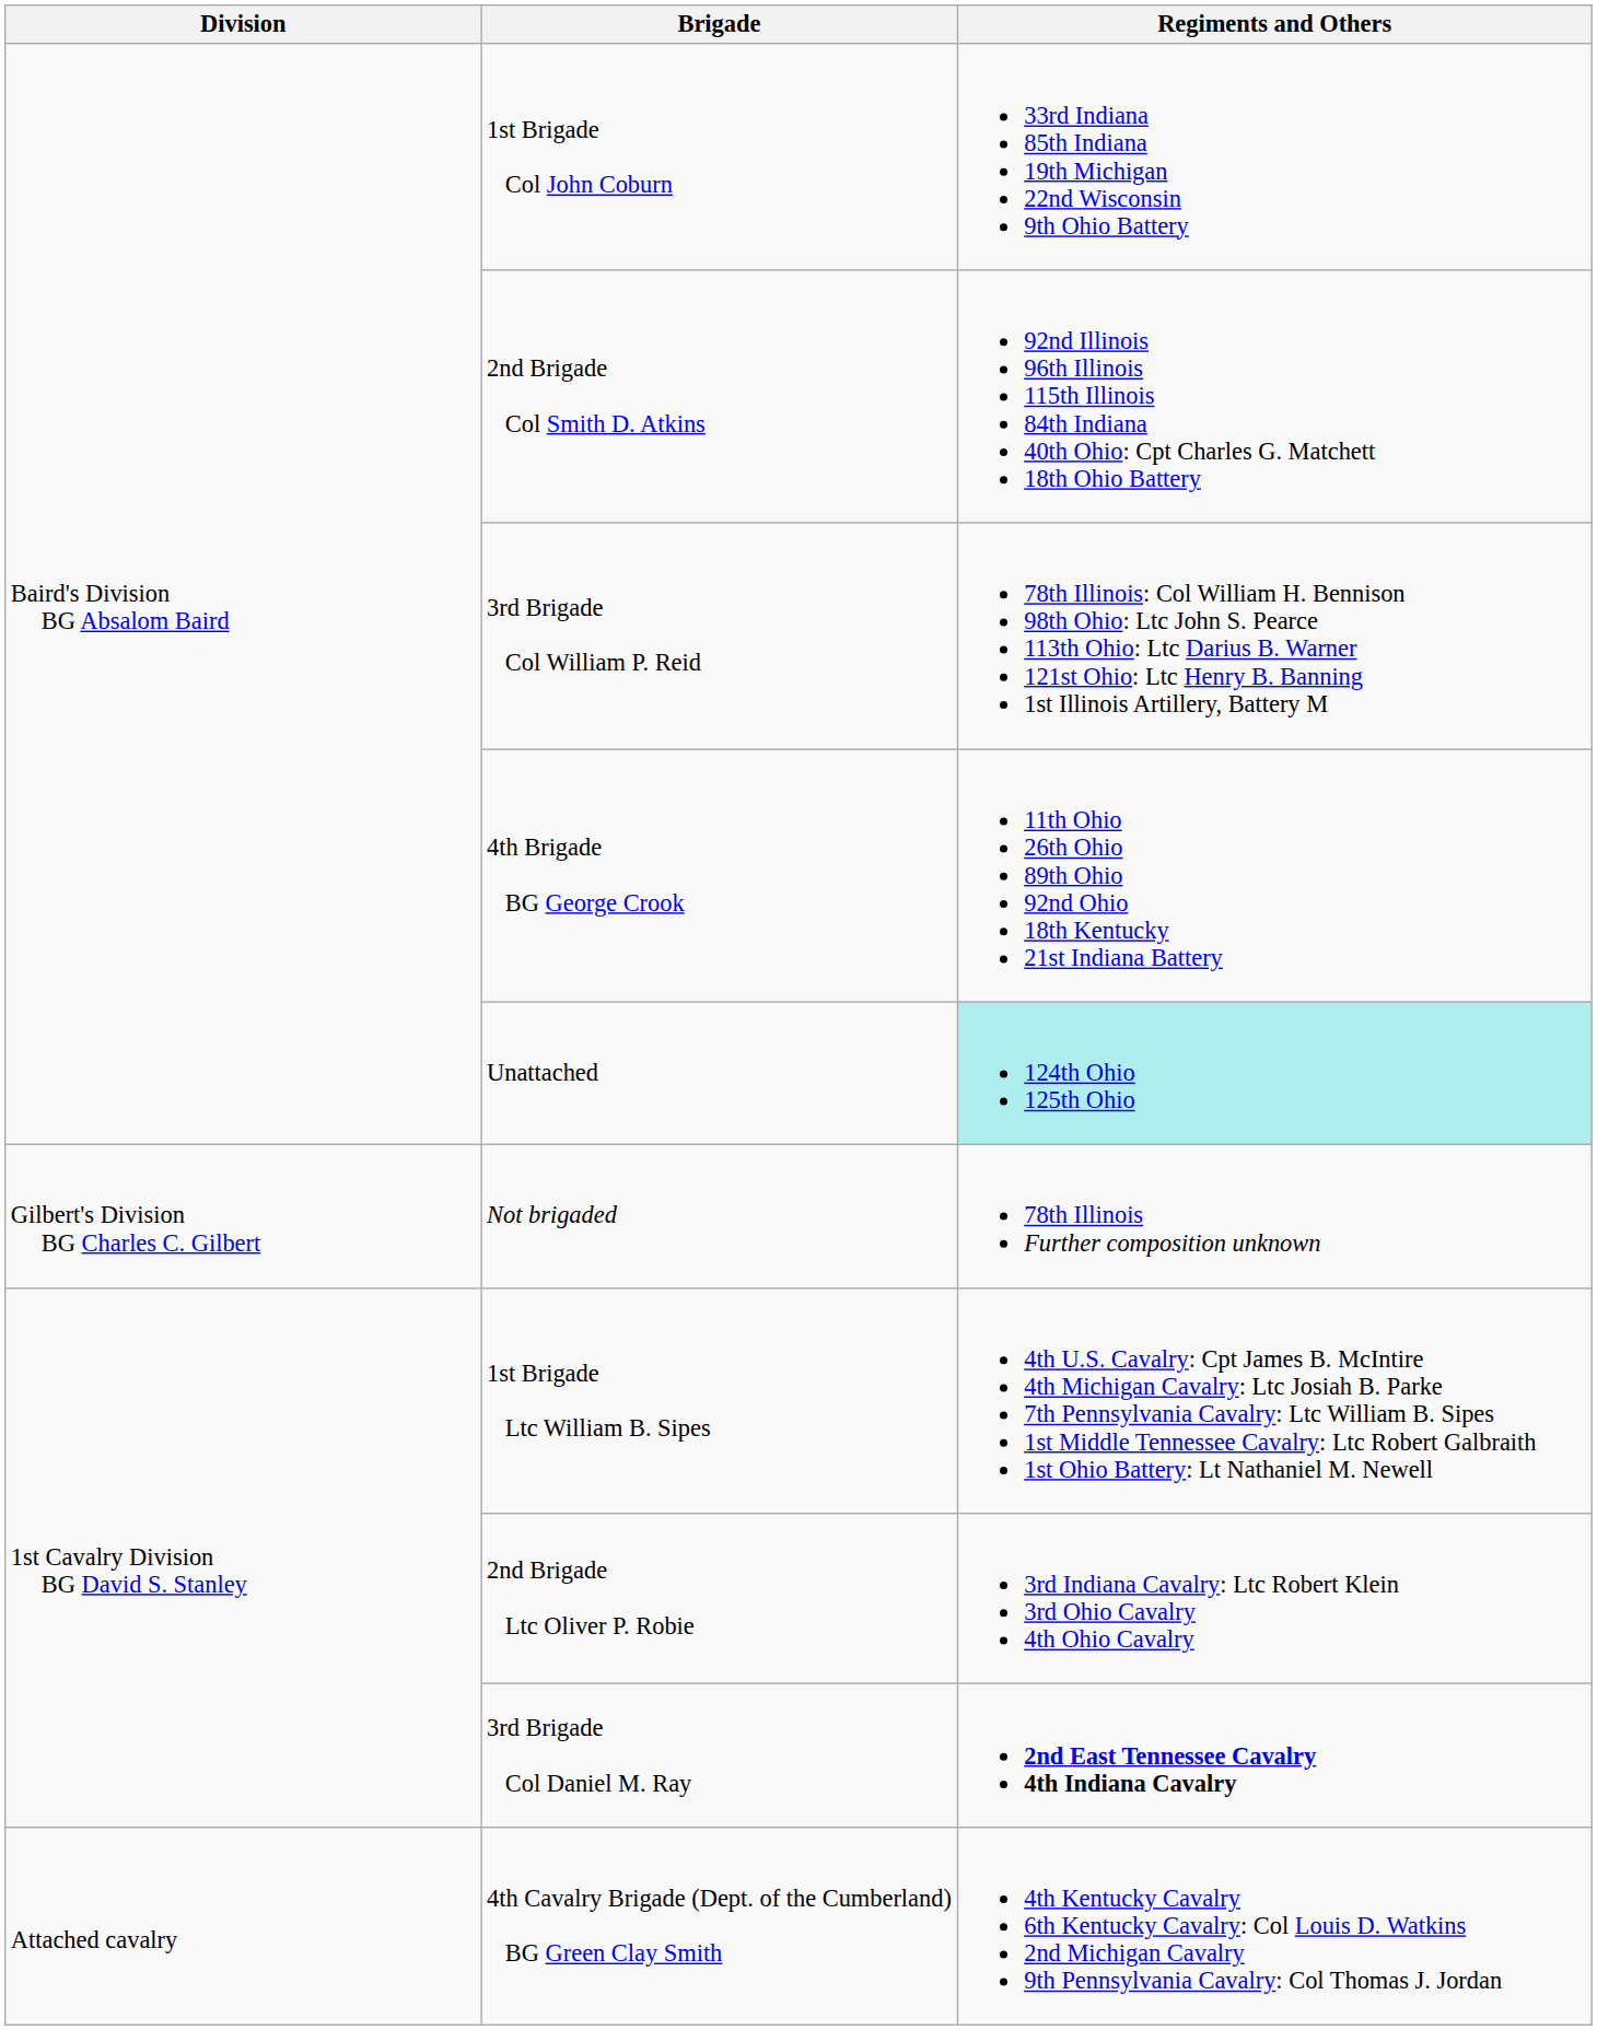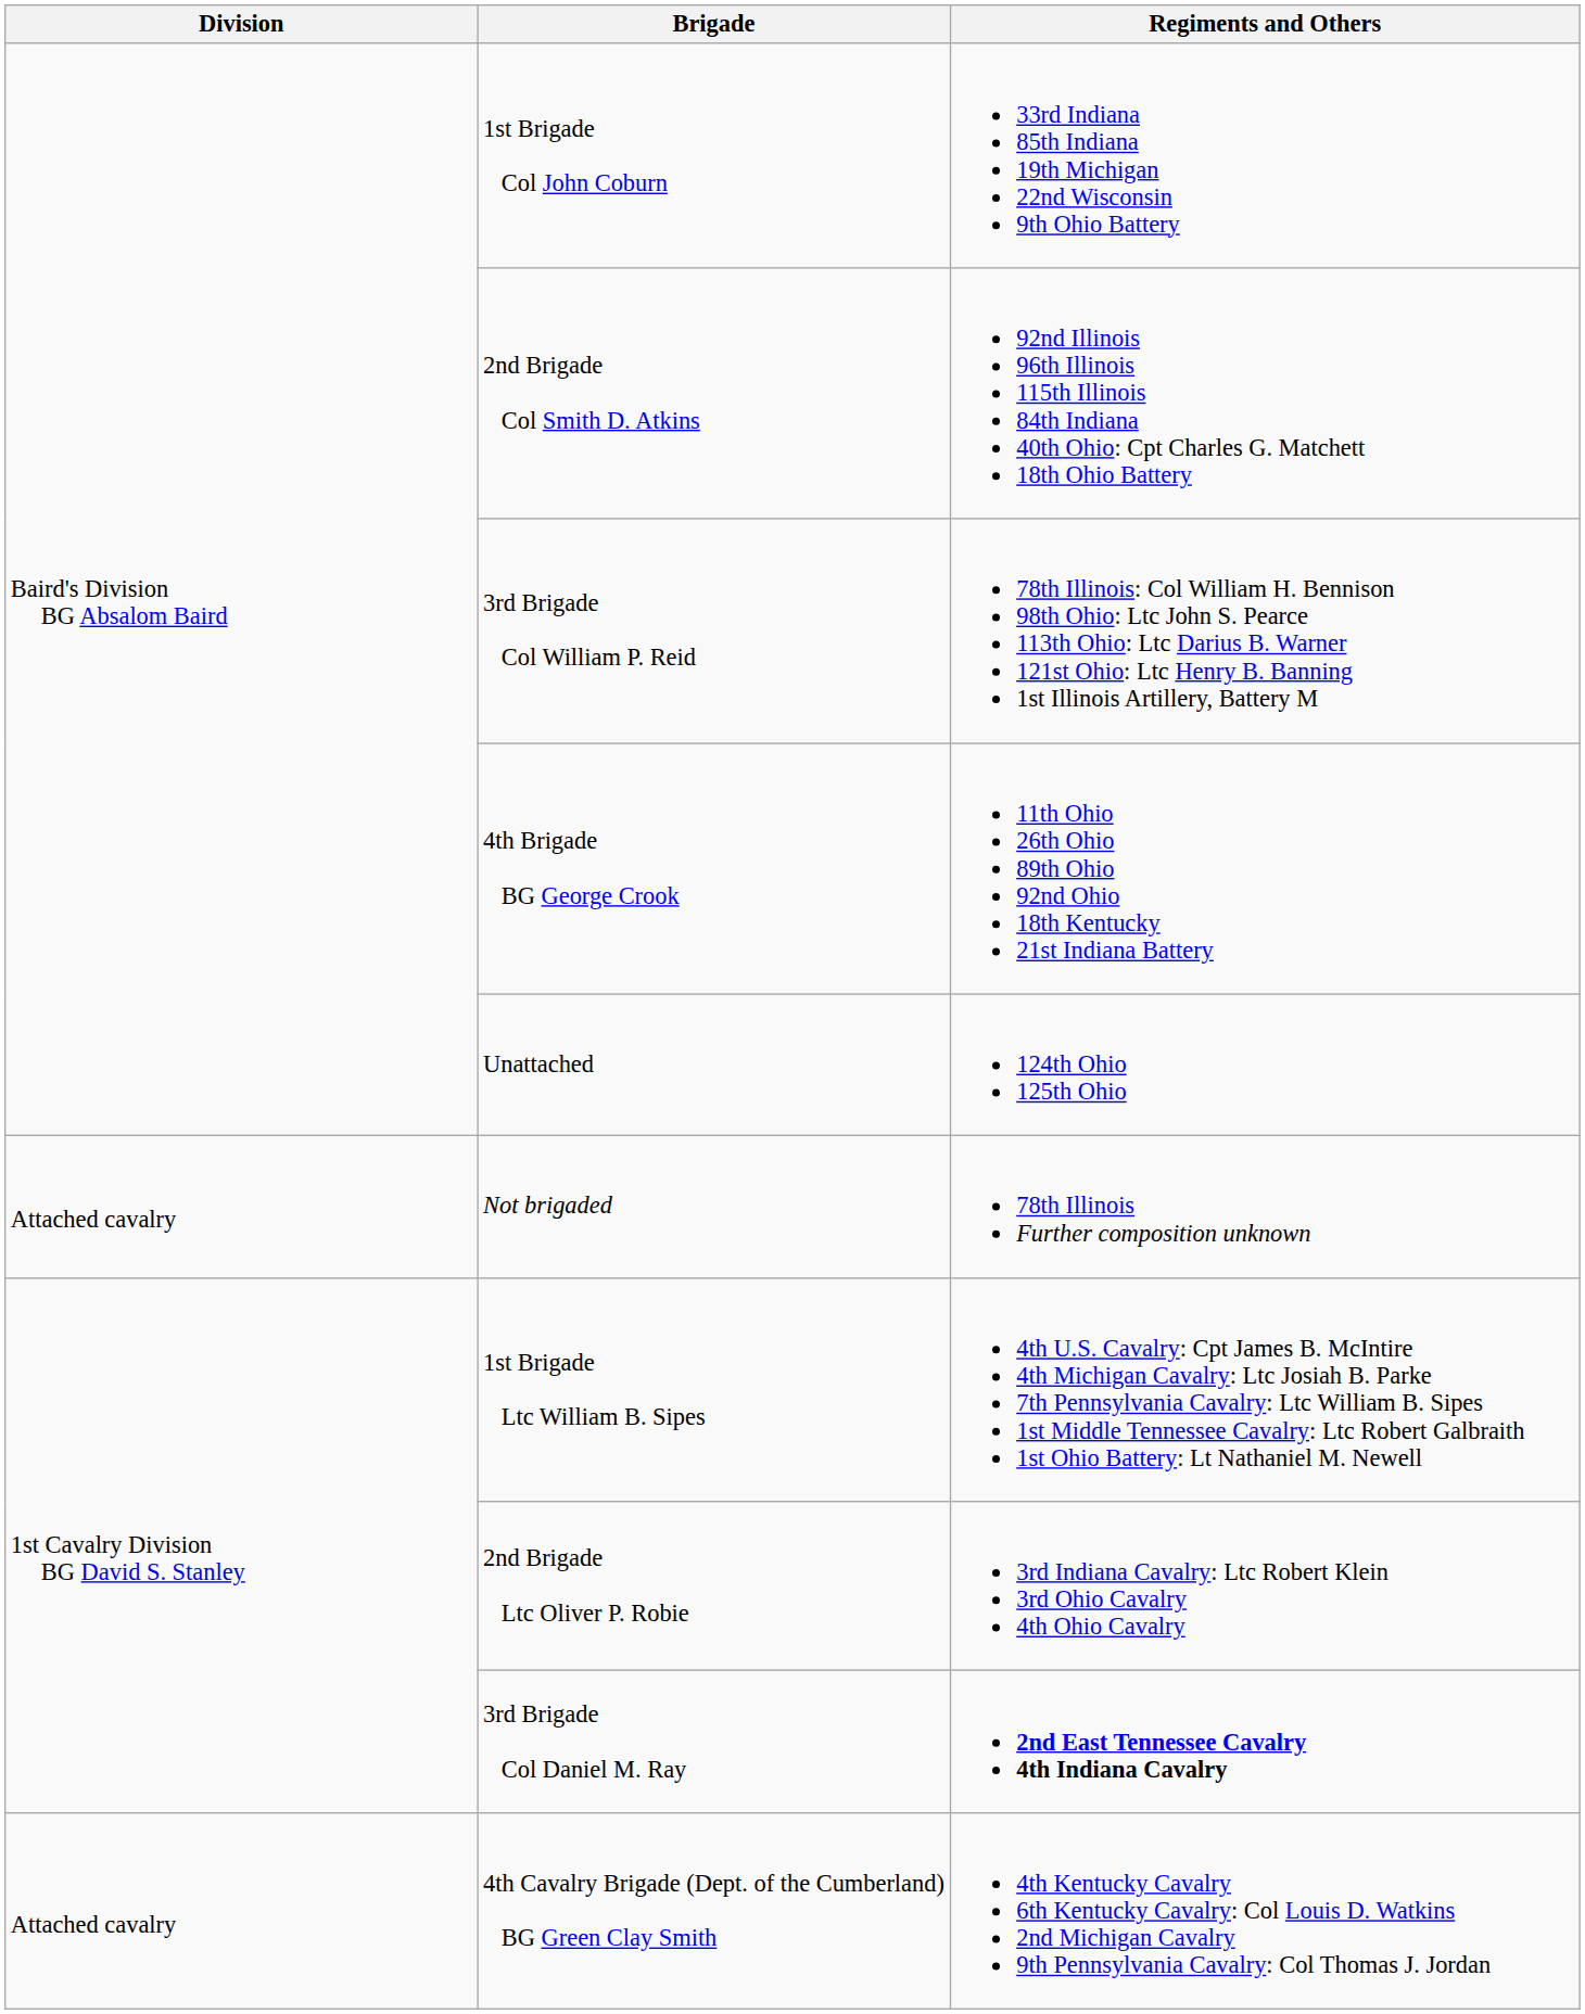 <table class="wikitable">
 <tr>
 <th width=30%>Division</th>
 <th width=30%>Brigade</th>
 <th>Regiments and Others</th>
 </tr>
 <tr>
 <td rowspan=5><br>Baird's Division  <br>     BG <a href='#'>Absalom Baird</a></td>
 <td>1st Brigade<br><br>   Col <a href='#'>John Coburn</a></td>
 <td><br><ul><li><a href='#'>33rd Indiana</a></li><li><a href='#'>85th Indiana</a></li><li><a href='#'>19th Michigan</a></li><li><a href='#'>22nd Wisconsin</a></li><li><a href='#'>9th Ohio Battery</a></li></ul></td>
 </tr>
 <tr>
 <td>2nd Brigade<br><br>   Col <a href='#'>Smith D. Atkins</a></td>
 <td><br><ul><li><a href='#'>92nd Illinois</a></li><li><a href='#'>96th Illinois</a></li><li><a href='#'>115th Illinois</a></li><li><a href='#'>84th Indiana</a></li><li><a href='#'>40th Ohio</a>: Cpt Charles G. Matchett</li><li><a href='#'>18th Ohio Battery</a></li></ul></td>
 </tr>
 <tr>
 <td>3rd Brigade<br><br>   Col William P. Reid</td>
 <td><br><ul><li><a href='#'>78th Illinois</a>: Col William H. Bennison</li><li><a href='#'>98th Ohio</a>: Ltc John S. Pearce</li><li><a href='#'>113th Ohio</a>: Ltc <a href='#'>Darius B. Warner</a></li><li><a href='#'>121st Ohio</a>: Ltc <a href='#'>Henry B. Banning</a></li><li>1st Illinois Artillery, Battery M</li></ul></td>
 </tr>
 <tr>
 <td>4th Brigade<br><br>   BG <a href='#'>George Crook</a></td>
 <td><br><ul><li><a href='#'>11th Ohio</a></li><li><a href='#'>26th Ohio</a></li><li><a href='#'>89th Ohio</a></li><li><a href='#'>92nd Ohio</a></li><li><a href='#'>18th Kentucky</a></li><li><a href='#'>21st Indiana Battery</a></li></ul></td>
 </tr>
 <tr>
 <td>Unattached</td>
-<td style="background: paleturquoise;"><br><ul><li><a href='#'>124th Ohio</a></li><li><a href='#'>125th Ohio</a></li></ul></td>
+<td><br><ul><li><a href='#'>124th Ohio</a></li><li><a href='#'>125th Ohio</a></li></ul></td>
 </tr>
 <tr>
-<td rowspan=1><br>Gilbert's Division <br>     BG <a href='#'>Charles C. Gilbert</a></td>
+<td rowspan=1><br>Attached cavalry</td>
 <td><em>Not brigaded</em></td>
 <td><br><ul><li><a href='#'>78th Illinois</a></li><li><em>Further composition unknown</em></li></ul></td>
 </tr>
 <tr>
 <td rowspan=3><br>1st Cavalry Division <br>     BG <a href='#'>David S. Stanley</a></td>
 <td>1st Brigade<br><br>   Ltc William B. Sipes</td>
 <td><br><ul><li><a href='#'>4th U.S. Cavalry</a>: Cpt James B. McIntire</li><li><a href='#'>4th Michigan Cavalry</a>: Ltc Josiah B. Parke</li><li><a href='#'>7th Pennsylvania Cavalry</a>: Ltc William B. Sipes</li><li><a href='#'>1st Middle Tennessee Cavalry</a>: Ltc Robert Galbraith</li><li><a href='#'>1st Ohio Battery</a>: Lt Nathaniel M. Newell</li></ul></td>
 </tr>
 <tr>
 <td>2nd Brigade<br><br>   Ltc Oliver P. Robie</td>
 <td><br><ul><li><a href='#'>3rd Indiana Cavalry</a>: Ltc Robert Klein</li><li><a href='#'>3rd Ohio Cavalry</a></li><li><a href='#'>4th Ohio Cavalry</a></li></ul></td>
 </tr>
 <tr>
 <td>3rd Brigade<br><br>   Col Daniel M. Ray</td>
 <td><strong><br><ul><li><a href='#'>2nd East Tennessee Cavalry</a></li><li>4th Indiana Cavalry</li></ul></strong></td>
 </tr>
 <tr>
 <td rowspan=1><br>Attached cavalry</td>
 <td>4th Cavalry Brigade (Dept. of the Cumberland)<br><br>   BG <a href='#'>Green Clay Smith</a></td>
 <td><br><ul><li><a href='#'>4th Kentucky Cavalry</a></li><li><a href='#'>6th Kentucky Cavalry</a>: Col <a href='#'>Louis D. Watkins</a></li><li><a href='#'>2nd Michigan Cavalry</a></li><li><a href='#'>9th Pennsylvania Cavalry</a>: Col Thomas J. Jordan</li></ul></td>
 </tr>
 </table>
